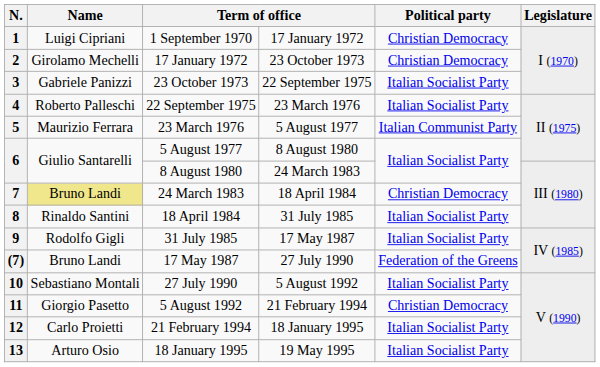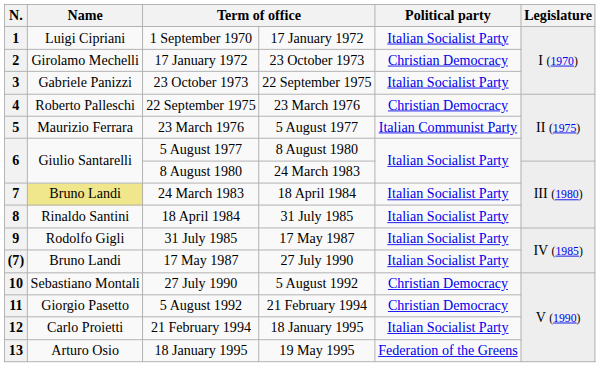 <table class="wikitable" style="text-align:center; border:1px #AAAAFF solid">
 <tr>
 <th>N.</th>
 <th>Name</th>
 <th colspan=2>Term of office</th>
 <th>Political party</th>
 <th>Legislature</th>
 </tr>
 <tr>
 <th style="background:">1</th>
 <td>Luigi Cipriani</td>
 <td>1 September 1970</td>
 <td>17 January 1972</td>
-<td><a href='#'>Christian Democracy</a></td>
+<td><a href='#'>Italian Socialist Party</a></td>
 <td rowspan=3 bgcolor=#EEEEEE>I <small>(<a href='#'>1970</a>)</small></td>
 </tr>
 <tr>
 <th style="background:">2</th>
 <td>Girolamo Mechelli</td>
 <td>17 January 1972</td>
 <td>23 October 1973</td>
 <td><a href='#'>Christian Democracy</a></td>
 </tr>
 <tr>
 <th style="background:">3</th>
 <td>Gabriele Panizzi</td>
 <td>23 October 1973</td>
 <td>22 September 1975</td>
 <td><a href='#'>Italian Socialist Party</a></td>
 </tr>
 <tr>
 <th style="background:">4</th>
 <td>Roberto Palleschi</td>
 <td>22 September 1975</td>
 <td>23 March 1976</td>
-<td><a href='#'>Italian Socialist Party</a></td>
+<td><a href='#'>Christian Democracy</a></td>
 <td rowspan=3 bgcolor=#EEEEEE>II <small>(<a href='#'>1975</a>)</small></td>
 </tr>
 <tr>
 <th style="background:">5</th>
 <td>Maurizio Ferrara</td>
 <td>23 March 1976</td>
 <td>5 August 1977</td>
 <td><a href='#'>Italian Communist Party</a></td>
 </tr>
 <tr>
 <th rowspan=2 style="background:">6</th>
 <td rowspan=2>Giulio Santarelli</td>
 <td>5 August 1977</td>
 <td>8 August 1980</td>
 <td rowspan=2><a href='#'>Italian Socialist Party</a></td>
 </tr>
 <tr>
 <td>8 August 1980</td>
 <td>24 March 1983</td>
 <td rowspan=3 bgcolor=#EEEEEE>III <small>(<a href='#'>1980</a>)</small></td>
 </tr>
 <tr>
 <th style="background:">7</th>
 <td style="background: khaki;">Bruno Landi</td>
 <td>24 March 1983</td>
 <td>18 April 1984</td>
-<td><a href='#'>Christian Democracy</a></td>
+<td><a href='#'>Italian Socialist Party</a></td>
 </tr>
 <tr>
 <th style="background:">8</th>
 <td>Rinaldo Santini</td>
 <td>18 April 1984</td>
 <td>31 July 1985</td>
 <td><a href='#'>Italian Socialist Party</a></td>
 </tr>
 <tr>
 <th style="background:">9</th>
 <td>Rodolfo Gigli</td>
 <td>31 July 1985</td>
 <td>17 May 1987</td>
 <td><a href='#'>Italian Socialist Party</a></td>
 <td rowspan=2 bgcolor=#EEEEEE>IV <small>(<a href='#'>1985</a>)</small></td>
 </tr>
 <tr>
 <th style="background:">(7)</th>
 <td>Bruno Landi</td>
 <td>17 May 1987</td>
 <td>27 July 1990</td>
-<td><a href='#'>Federation of the Greens</a></td>
+<td><a href='#'>Italian Socialist Party</a></td>
 </tr>
 <tr>
 <th style="background:">10</th>
 <td>Sebastiano Montali</td>
 <td>27 July 1990</td>
 <td>5 August 1992</td>
-<td><a href='#'>Italian Socialist Party</a></td>
+<td><a href='#'>Christian Democracy</a></td>
 <td rowspan=4 bgcolor=#EEEEEE>V <small>(<a href='#'>1990</a>)</small></td>
 </tr>
 <tr>
 <th style="background:">11</th>
 <td>Giorgio Pasetto</td>
 <td>5 August 1992</td>
 <td>21 February 1994</td>
 <td><a href='#'>Christian Democracy</a></td>
 </tr>
 <tr>
 <th style="background:">12</th>
 <td>Carlo Proietti</td>
 <td>21 February 1994</td>
 <td>18 January 1995</td>
 <td><a href='#'>Italian Socialist Party</a></td>
 </tr>
 <tr>
 <th style="background:">13</th>
 <td>Arturo Osio</td>
 <td>18 January 1995</td>
 <td>19 May 1995</td>
-<td><a href='#'>Italian Socialist Party</a></td>
+<td><a href='#'>Federation of the Greens</a></td>
 </tr>
 </table>
